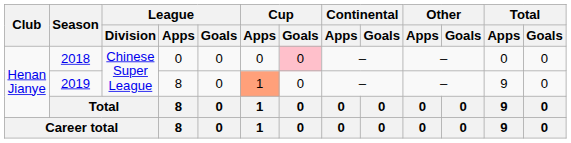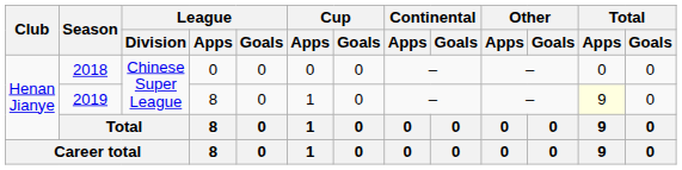 <table class="wikitable" style="text-align: center">
 <tr>
 <th rowspan="2">Club</th>
 <th rowspan="2">Season</th>
 <th colspan="3">League</th>
 <th colspan="2">Cup</th>
 <th colspan="2">Continental</th>
 <th colspan="2">Other</th>
 <th colspan="2">Total</th>
 </tr>
 <tr>
 <th>Division</th>
 <th>Apps</th>
 <th>Goals</th>
 <th>Apps</th>
 <th>Goals</th>
 <th>Apps</th>
 <th>Goals</th>
 <th>Apps</th>
 <th>Goals</th>
 <th>Apps</th>
 <th>Goals</th>
 </tr>
 <tr>
 <td rowspan="3"><a href='#'>Henan Jianye</a></td>
 <td><a href='#'>2018</a></td>
 <td rowspan="2"><a href='#'>Chinese Super League</a></td>
 <td>0</td>
 <td>0</td>
 <td>0</td>
-<td style="background: pink;">0</td>
+<td>0</td>
 <td colspan="2">–</td>
 <td colspan="2">–</td>
 <td>0</td>
 <td>0</td>
 </tr>
 <tr>
 <td><a href='#'>2019</a></td>
 <td>8</td>
 <td>0</td>
-<td style="background: lightsalmon;">1</td>
+<td>1</td>
 <td>0</td>
 <td colspan="2">–</td>
 <td colspan="2">–</td>
-<td>9</td>
+<td style="background: lightyellow;">9</td>
 <td>0</td>
 </tr>
 <tr>
 <th colspan="2"><strong>Total</strong></th>
 <th>8</th>
 <th>0</th>
 <th>1</th>
 <th>0</th>
 <th>0</th>
 <th>0</th>
 <th>0</th>
 <th>0</th>
 <th>9</th>
 <th>0</th>
 </tr>
 <tr>
 <th colspan=3>Career total</th>
 <th>8</th>
 <th>0</th>
 <th>1</th>
 <th>0</th>
 <th>0</th>
 <th>0</th>
 <th>0</th>
 <th>0</th>
 <th>9</th>
 <th>0</th>
 </tr>
 </table>
